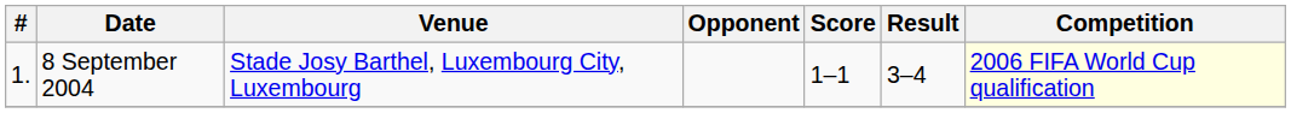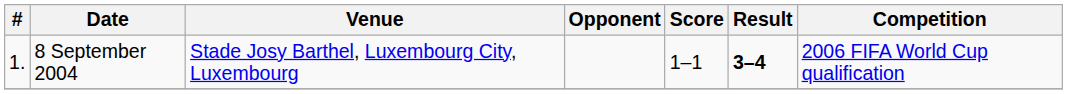 <table class="wikitable">
 <tr>
 <th>#</th>
 <th>Date</th>
 <th>Venue</th>
 <th>Opponent</th>
 <th>Score</th>
 <th>Result</th>
 <th>Competition</th>
 </tr>
 <tr>
 <td>1.</td>
 <td>8 September 2004</td>
 <td><a href='#'>Stade Josy Barthel</a>, <a href='#'>Luxembourg City</a>, <a href='#'>Luxembourg</a></td>
 <td></td>
 <td>1–1</td>
-<td>3–4</td>
-<td style="background: lightyellow;"><a href='#'>2006 FIFA World Cup qualification</a></td>
+<td><strong>3–4</strong></td>
+<td><a href='#'>2006 FIFA World Cup qualification</a></td>
 </tr>
 <tr>
 </tr>
 </table>
